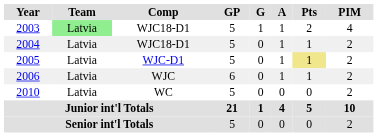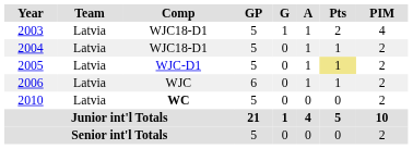 <table border="0" cellpadding="2" cellspacing="0" style="width:40%;">
 <tr style="text-align:center; background:#e0e0e0;">
 <th>Year</th>
 <th>Team</th>
 <th>Comp</th>
 <th>GP</th>
 <th>G</th>
 <th>A</th>
 <th>Pts</th>
 <th>PIM</th>
 </tr>
 <tr style="text-align:center;">
 <td><a href='#'>2003</a></td>
-<td style="background: lightgreen;">Latvia</td>
+<td>Latvia</td>
 <td>WJC18-D1</td>
 <td>5</td>
 <td>1</td>
 <td>1</td>
 <td>2</td>
 <td>4</td>
 </tr>
 <tr style="text-align:center; background:#f0f0f0;">
 <td><a href='#'>2004</a></td>
 <td>Latvia</td>
 <td>WJC18-D1</td>
 <td>5</td>
 <td>0</td>
 <td>1</td>
 <td>1</td>
 <td>2</td>
 </tr>
 <tr style="text-align:center;">
 <td><a href='#'>2005</a></td>
 <td>Latvia</td>
 <td><a href='#'>WJC-D1</a></td>
 <td>5</td>
 <td>0</td>
 <td>1</td>
 <td style="background: khaki;">1</td>
 <td>2</td>
 </tr>
 <tr style="text-align:center; background:#f0f0f0;">
 <td><a href='#'>2006</a></td>
 <td>Latvia</td>
 <td>WJC</td>
 <td>6</td>
 <td>0</td>
 <td>1</td>
 <td>1</td>
 <td>2</td>
 </tr>
 <tr style="text-align:center;">
 <td><a href='#'>2010</a></td>
 <td>Latvia</td>
-<td>WC</td>
+<td><strong>WC</strong></td>
 <td>5</td>
 <td>0</td>
 <td>0</td>
 <td>0</td>
 <td>2</td>
 </tr>
 <tr style="text-align:center; background:#e0e0e0;">
 <th colspan="3">Junior int'l Totals</th>
 <th style="text-align:center;">21</th>
 <th style="text-align:center;">1</th>
 <th style="text-align:center;">4</th>
 <th style="text-align:center;">5</th>
 <th style="text-align:center;">10</th>
 </tr>
 <tr style="text-align:center; background:#e0e0e0;">
 <th colspan="3">Senior int'l Totals</th>
 <td style="text-align:center;">5</td>
 <td style="text-align:center;">0</td>
 <td style="text-align:center;">0</td>
 <td style="text-align:center;">0</td>
 <td style="text-align:center;">2</td>
 </tr>
 </table>
